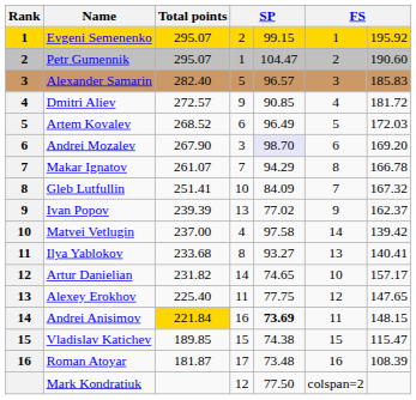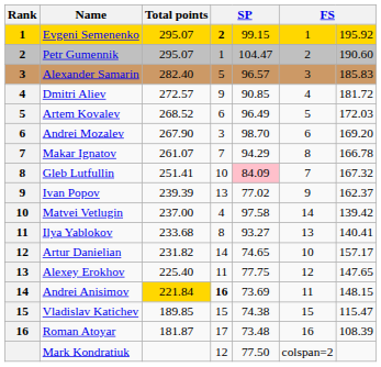 <table class="wikitable sortable">
 <tr>
 <th>Rank</th>
 <th>Name</th>
 <th>Total points</th>
 <th colspan="2" width="80px"><a href='#'>SP</a></th>
 <th colspan="2" width="80px"><a href='#'>FS</a></th>
 </tr>
 <tr bgcolor="gold">
 <td align="center"><strong>1</strong></td>
 <td><a href='#'>Evgeni Semenenko</a></td>
 <td align="center">295.07</td>
-<td align="center">2</td>
+<td align="center"><strong>2</strong></td>
 <td align="center">99.15</td>
 <td align="center">1</td>
 <td align="center">195.92</td>
 </tr>
 <tr bgcolor="silver">
 <td align="center"><strong>2</strong></td>
 <td><a href='#'>Petr Gumennik</a></td>
 <td align="center">295.07</td>
 <td align="center">1</td>
 <td align="center">104.47</td>
 <td align="center">2</td>
 <td align="center">190.60</td>
 </tr>
 <tr bgcolor="cc9966">
 <td align="center"><strong>3</strong></td>
 <td><a href='#'>Alexander Samarin</a></td>
 <td align="center">282.40</td>
 <td align="center">5</td>
 <td align="center">96.57</td>
 <td align="center">3</td>
 <td align="center">185.83</td>
 </tr>
 <tr>
 <th>4</th>
 <td><a href='#'>Dmitri Aliev</a></td>
 <td align="center">272.57</td>
 <td align="center">9</td>
 <td align="center">90.85</td>
 <td align="center">4</td>
 <td align="center">181.72</td>
 </tr>
 <tr>
 <th>5</th>
 <td><a href='#'>Artem Kovalev</a></td>
 <td align="center">268.52</td>
 <td align="center">6</td>
 <td align="center">96.49</td>
 <td align="center">5</td>
 <td align="center">172.03</td>
 </tr>
 <tr>
 <th>6</th>
 <td><a href='#'>Andrei Mozalev</a></td>
 <td align="center">267.90</td>
 <td align="center">3</td>
-<td align="center" style="background: lavender;">98.70</td>
+<td align="center">98.70</td>
 <td align="center">6</td>
 <td align="center">169.20</td>
 </tr>
 <tr>
 <th>7</th>
 <td><a href='#'>Makar Ignatov</a></td>
 <td align="center">261.07</td>
 <td align="center">7</td>
 <td align="center">94.29</td>
 <td align="center">8</td>
 <td align="center">166.78</td>
 </tr>
 <tr>
 <th>8</th>
 <td><a href='#'>Gleb Lutfullin</a></td>
 <td align="center">251.41</td>
 <td align="center">10</td>
-<td align="center">84.09</td>
+<td align="center" style="background: pink;">84.09</td>
 <td align="center">7</td>
 <td align="center">167.32</td>
 </tr>
 <tr>
 <th>9</th>
 <td><a href='#'>Ivan Popov</a></td>
 <td align="center">239.39</td>
 <td align="center">13</td>
 <td align="center">77.02</td>
 <td align="center">9</td>
 <td align="center">162.37</td>
 </tr>
 <tr>
 <th>10</th>
 <td><a href='#'>Matvei Vetlugin</a></td>
 <td align="center">237.00</td>
 <td align="center">4</td>
 <td align="center">97.58</td>
 <td align="center">14</td>
 <td align="center">139.42</td>
 </tr>
 <tr>
 <th>11</th>
 <td><a href='#'>Ilya Yablokov</a></td>
 <td align="center">233.68</td>
 <td align="center">8</td>
 <td align="center">93.27</td>
 <td align="center">13</td>
 <td align="center">140.41</td>
 </tr>
 <tr>
 <th>12</th>
 <td><a href='#'>Artur Danielian</a></td>
 <td align="center">231.82</td>
 <td align="center">14</td>
 <td align="center">74.65</td>
 <td align="center">10</td>
 <td align="center">157.17</td>
 </tr>
 <tr>
 <th>13</th>
 <td><a href='#'>Alexey Erokhov</a></td>
 <td align="center">225.40</td>
 <td align="center">11</td>
 <td align="center">77.75</td>
 <td align="center">12</td>
 <td align="center">147.65</td>
 </tr>
 <tr>
 <th>14</th>
 <td><a href='#'>Andrei Anisimov</a></td>
 <td align="center" style="background: gold;">221.84</td>
-<td align="center">16</td>
-<td align="center"><strong>73.69</strong></td>
+<td align="center"><strong>16</strong></td>
+<td align="center">73.69</td>
 <td align="center">11</td>
 <td align="center">148.15</td>
 </tr>
 <tr>
 <th>15</th>
 <td><a href='#'>Vladislav Katichev</a></td>
 <td align="center">189.85</td>
 <td align="center">15</td>
 <td align="center">74.38</td>
 <td align="center">15</td>
 <td align="center">115.47</td>
 </tr>
 <tr>
 <th>16</th>
 <td><a href='#'>Roman Atoyar</a></td>
 <td align="center">181.87</td>
 <td align="center">17</td>
 <td align="center">73.48</td>
 <td align="center">16</td>
 <td align="center">108.39</td>
 </tr>
 <tr>
 <th></th>
 <td><a href='#'>Mark Kondratiuk</a></td>
 <td></td>
 <td align="center">12</td>
 <td align="center">77.50</td>
 <td>colspan=2 </td>
 </tr>
 </table>
